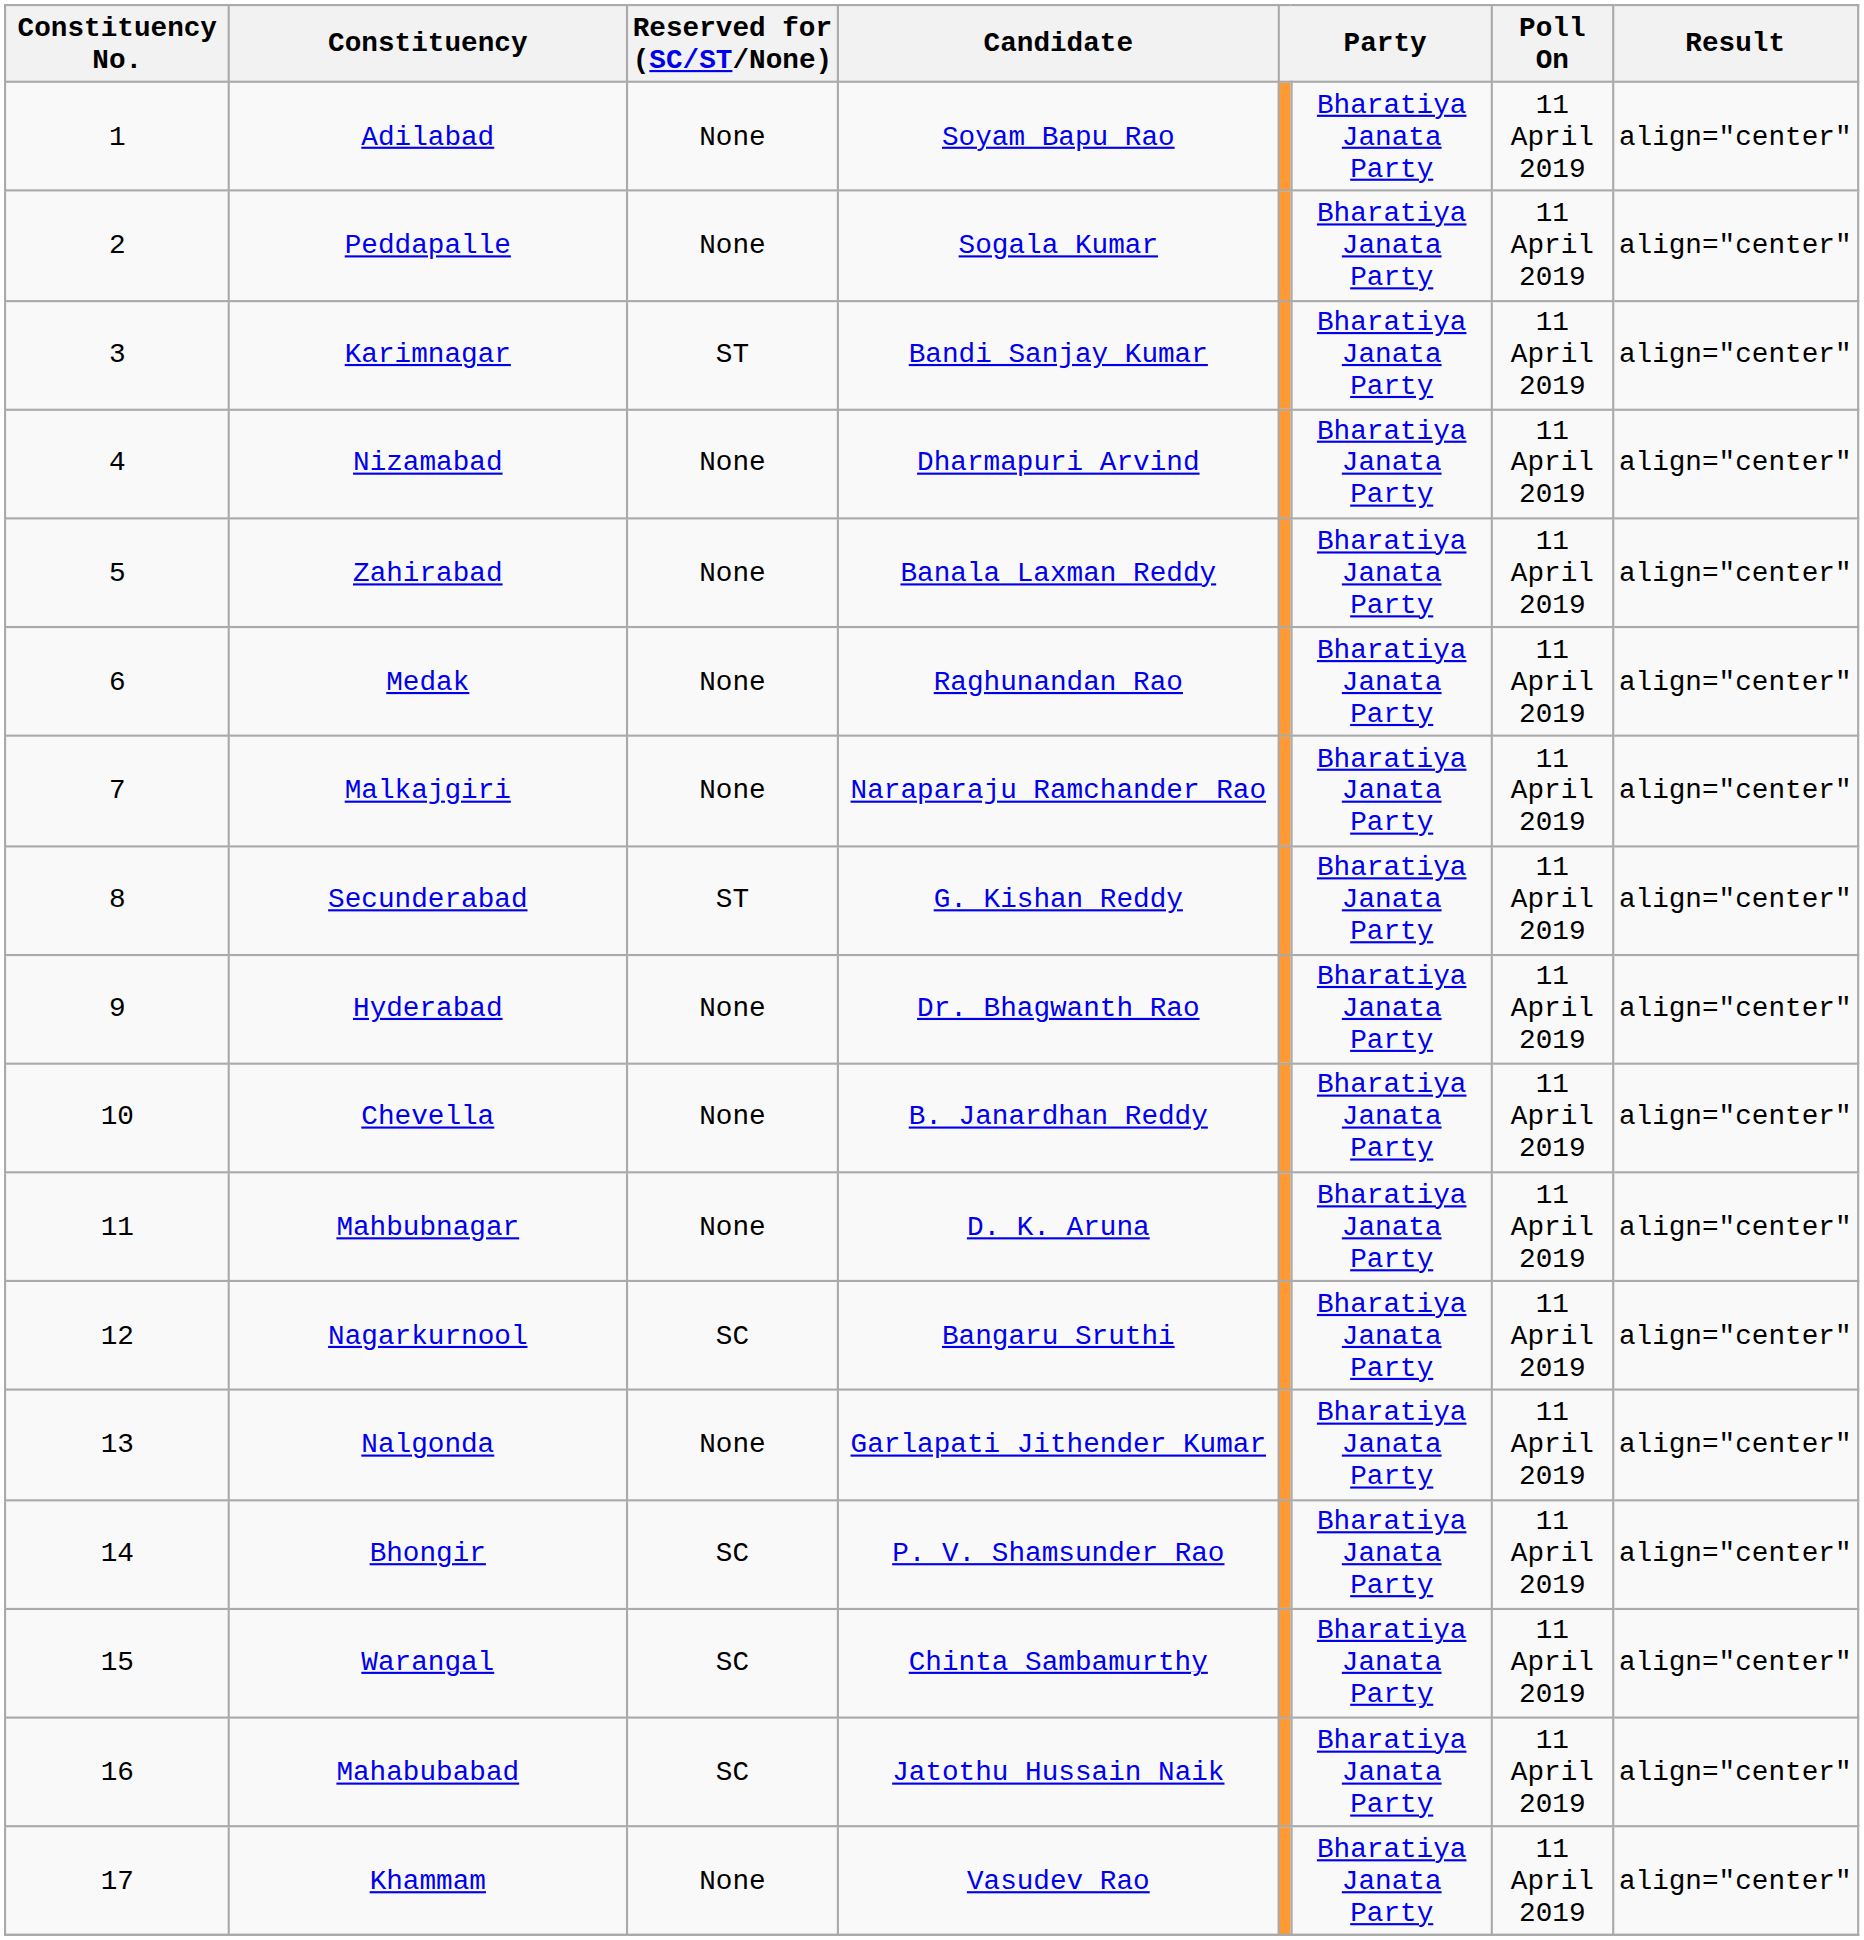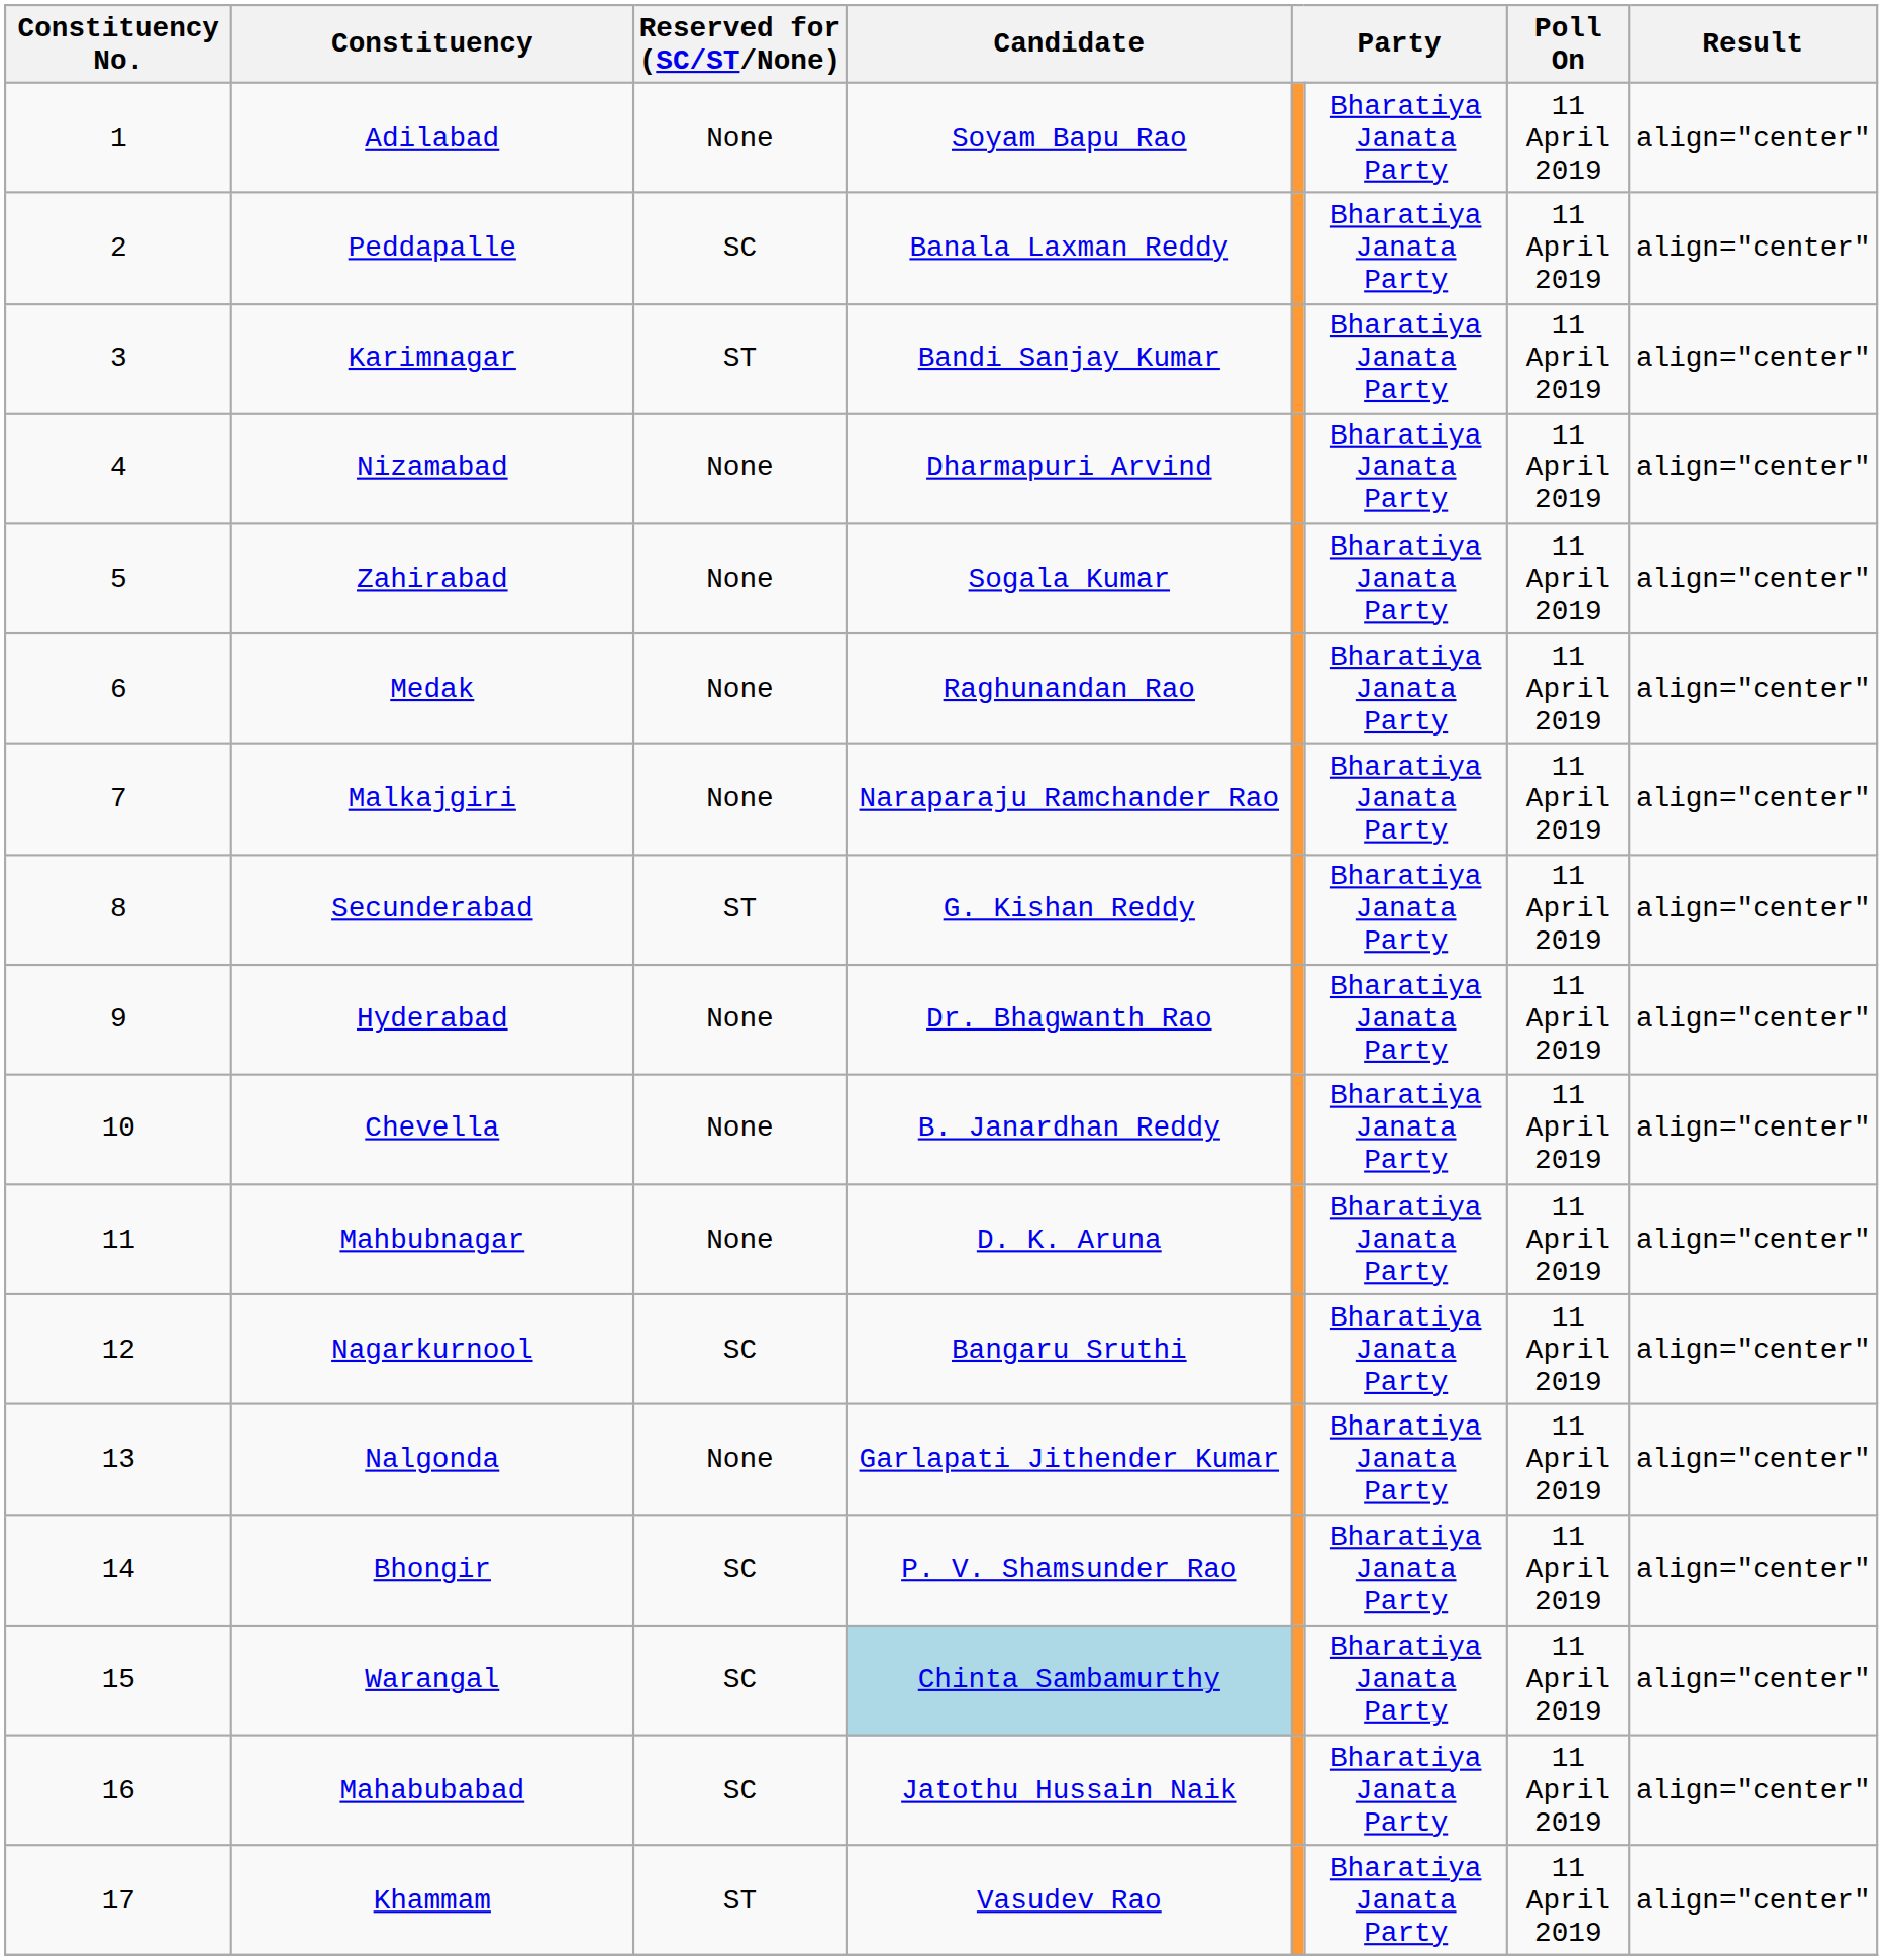 <table class="wikitable sortable" style="text-align:center;">
 <tr>
 <th>Constituency No.</th>
 <th style="width:180px;">Constituency</th>
 <th>Reserved for<br>(<a href='#'>SC/ST</a>/None)</th>
 <th style="width:200px;">Candidate</th>
 <th colspan="2">Party</th>
 <th>Poll On</th>
 <th>Result</th>
 </tr>
 <tr>
 <td align="center">1</td>
 <td><a href='#'>Adilabad</a></td>
 <td align="center">None</td>
 <td><a href='#'>Soyam Bapu Rao</a></td>
 <td bgcolor=#FF9933></td>
 <td><a href='#'>Bharatiya Janata Party</a></td>
 <td align="center">11 April 2019</td>
 <td>align="center" </td>
 </tr>
 <tr>
 <td align="center">2</td>
 <td><a href='#'>Peddapalle</a></td>
-<td align="center">None</td>
-<td><a href='#'>Sogala Kumar</a></td>
+<td align="center">SC</td>
+<td><a href='#'>Banala Laxman Reddy</a></td>
 <td bgcolor=#FF9933></td>
 <td><a href='#'>Bharatiya Janata Party</a></td>
 <td align="center">11 April 2019</td>
 <td>align="center" </td>
 </tr>
 <tr>
 <td align="center">3</td>
 <td><a href='#'>Karimnagar</a></td>
 <td align="center">ST</td>
 <td><a href='#'>Bandi Sanjay Kumar</a></td>
 <td bgcolor=#FF9933></td>
 <td><a href='#'>Bharatiya Janata Party</a></td>
 <td align="center">11 April 2019</td>
 <td>align="center" </td>
 </tr>
 <tr>
 <td align="center">4</td>
 <td><a href='#'>Nizamabad</a></td>
 <td align="center">None</td>
 <td><a href='#'>Dharmapuri Arvind</a></td>
 <td bgcolor=#FF9933></td>
 <td><a href='#'>Bharatiya Janata Party</a></td>
 <td align="center">11 April 2019</td>
 <td>align="center" </td>
 </tr>
 <tr>
 <td align="center">5</td>
 <td><a href='#'>Zahirabad</a></td>
 <td align="center">None</td>
-<td><a href='#'>Banala Laxman Reddy</a></td>
+<td><a href='#'>Sogala Kumar</a></td>
 <td bgcolor=#FF9933></td>
 <td><a href='#'>Bharatiya Janata Party</a></td>
 <td align="center">11 April 2019</td>
 <td>align="center" </td>
 </tr>
 <tr>
 <td align="center">6</td>
 <td><a href='#'>Medak</a></td>
 <td align="center">None</td>
 <td><a href='#'>Raghunandan Rao</a></td>
 <td bgcolor=#FF9933></td>
 <td><a href='#'>Bharatiya Janata Party</a></td>
 <td align="center">11 April 2019</td>
 <td>align="center" </td>
 </tr>
 <tr>
 <td align="center">7</td>
 <td><a href='#'>Malkajgiri</a></td>
 <td align="center">None</td>
 <td><a href='#'>Naraparaju Ramchander Rao</a></td>
 <td bgcolor=#FF9933></td>
 <td><a href='#'>Bharatiya Janata Party</a></td>
 <td align="center">11 April 2019</td>
 <td>align="center" </td>
 </tr>
 <tr>
 <td align="center">8</td>
 <td><a href='#'>Secunderabad</a></td>
 <td align="center">ST</td>
 <td><a href='#'>G. Kishan Reddy</a></td>
 <td bgcolor=#FF9933></td>
 <td><a href='#'>Bharatiya Janata Party</a></td>
 <td align="center">11 April 2019</td>
 <td>align="center" </td>
 </tr>
 <tr>
 <td align="center">9</td>
 <td><a href='#'>Hyderabad</a></td>
 <td align="center">None</td>
 <td><a href='#'>Dr. Bhagwanth Rao</a></td>
 <td bgcolor="#FF9933"></td>
 <td><a href='#'>Bharatiya Janata Party</a></td>
 <td align="center">11 April 2019</td>
 <td>align="center" </td>
 </tr>
 <tr>
 <td align="center">10</td>
 <td><a href='#'>Chevella</a></td>
 <td align="center">None</td>
 <td><a href='#'>B. Janardhan Reddy</a></td>
 <td bgcolor=#FF9933></td>
 <td><a href='#'>Bharatiya Janata Party</a></td>
 <td align="center">11 April 2019</td>
 <td>align="center" </td>
 </tr>
 <tr>
 <td align="center">11</td>
 <td><a href='#'>Mahbubnagar</a></td>
 <td align="center">None</td>
 <td><a href='#'>D. K. Aruna</a></td>
 <td bgcolor=#FF9933></td>
 <td><a href='#'>Bharatiya Janata Party</a></td>
 <td align="center">11 April 2019</td>
 <td>align="center" </td>
 </tr>
 <tr>
 <td align="center">12</td>
 <td><a href='#'>Nagarkurnool</a></td>
 <td align="center">SC</td>
 <td><a href='#'>Bangaru Sruthi</a></td>
 <td bgcolor=#FF9933></td>
 <td><a href='#'>Bharatiya Janata Party</a></td>
 <td align="center">11 April 2019</td>
 <td>align="center" </td>
 </tr>
 <tr>
 <td align="center">13</td>
 <td><a href='#'>Nalgonda</a></td>
 <td align="center">None</td>
 <td><a href='#'>Garlapati Jithender Kumar</a></td>
 <td bgcolor=#FF9933></td>
 <td><a href='#'>Bharatiya Janata Party</a></td>
 <td align="center">11 April 2019</td>
 <td>align="center" </td>
 </tr>
 <tr>
 <td align="center">14</td>
 <td><a href='#'>Bhongir</a></td>
 <td align="center">SC</td>
 <td><a href='#'>P. V. Shamsunder Rao</a></td>
 <td bgcolor=#FF9933></td>
 <td><a href='#'>Bharatiya Janata Party</a></td>
 <td align="center">11 April 2019</td>
 <td>align="center" </td>
 </tr>
 <tr>
 <td align="center">15</td>
 <td><a href='#'>Warangal</a></td>
 <td align="center">SC</td>
-<td><a href='#'>Chinta Sambamurthy</a></td>
+<td style="background: lightblue;"><a href='#'>Chinta Sambamurthy</a></td>
 <td bgcolor=#FF9933></td>
 <td><a href='#'>Bharatiya Janata Party</a></td>
 <td align="center">11 April 2019</td>
 <td>align="center" </td>
 </tr>
 <tr>
 <td align="center">16</td>
 <td><a href='#'>Mahabubabad</a></td>
 <td align="center">SC</td>
 <td><a href='#'>Jatothu Hussain Naik</a></td>
 <td bgcolor=#FF9933></td>
 <td><a href='#'>Bharatiya Janata Party</a></td>
 <td align="center">11 April 2019</td>
 <td>align="center" </td>
 </tr>
 <tr>
 <td align="center">17</td>
 <td><a href='#'>Khammam</a></td>
-<td align="center">None</td>
+<td align="center">ST</td>
 <td><a href='#'>Vasudev Rao</a></td>
 <td bgcolor=#FF9933></td>
 <td><a href='#'>Bharatiya Janata Party</a></td>
 <td align="center">11 April 2019</td>
 <td>align="center" </td>
 </tr>
 <tr>
 </tr>
 </table>
